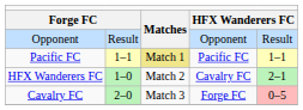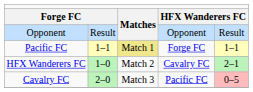 <table class="wikitable" style="text-align:center">
 <tr>
 <td colspan="5" align="center"></td>
 </tr>
 <tr>
 <th colspan="2">Forge FC</th>
 <th rowspan="2">Matches</th>
 <th colspan="2">HFX Wanderers FC</th>
 </tr>
 <tr>
 <td style="background:#C1E0FF">Opponent</td>
 <td style="background:#C1E0FF">Result</td>
 <td style="background:#C1E0FF">Opponent</td>
 <td style="background:#C1E0FF">Result</td>
 </tr>
 <tr>
 <td><a href='#'>Pacific FC</a></td>
 <td bgcolor=#FFFFBB>1–1</td>
 <td style="background: khaki;">Match 1</td>
-<td><a href='#'>Pacific FC</a></td>
+<td><a href='#'>Forge FC</a></td>
 <td bgcolor=#FFFFBB>1–1</td>
 </tr>
 <tr>
 <td><a href='#'>HFX Wanderers FC</a></td>
 <td bgcolor=#BBF3BB>1–0</td>
 <td>Match 2</td>
 <td><a href='#'>Cavalry FC</a></td>
 <td bgcolor=#BBF3BB>2–1</td>
 </tr>
 <tr>
 <td><a href='#'>Cavalry FC</a></td>
 <td bgcolor=#BBF3BB>2–0</td>
 <td>Match 3</td>
-<td><a href='#'>Forge FC</a></td>
+<td><a href='#'>Pacific FC</a></td>
 <td bgcolor=#FFBBBB>0–5</td>
 </tr>
 <tr>
 </tr>
 </table>
